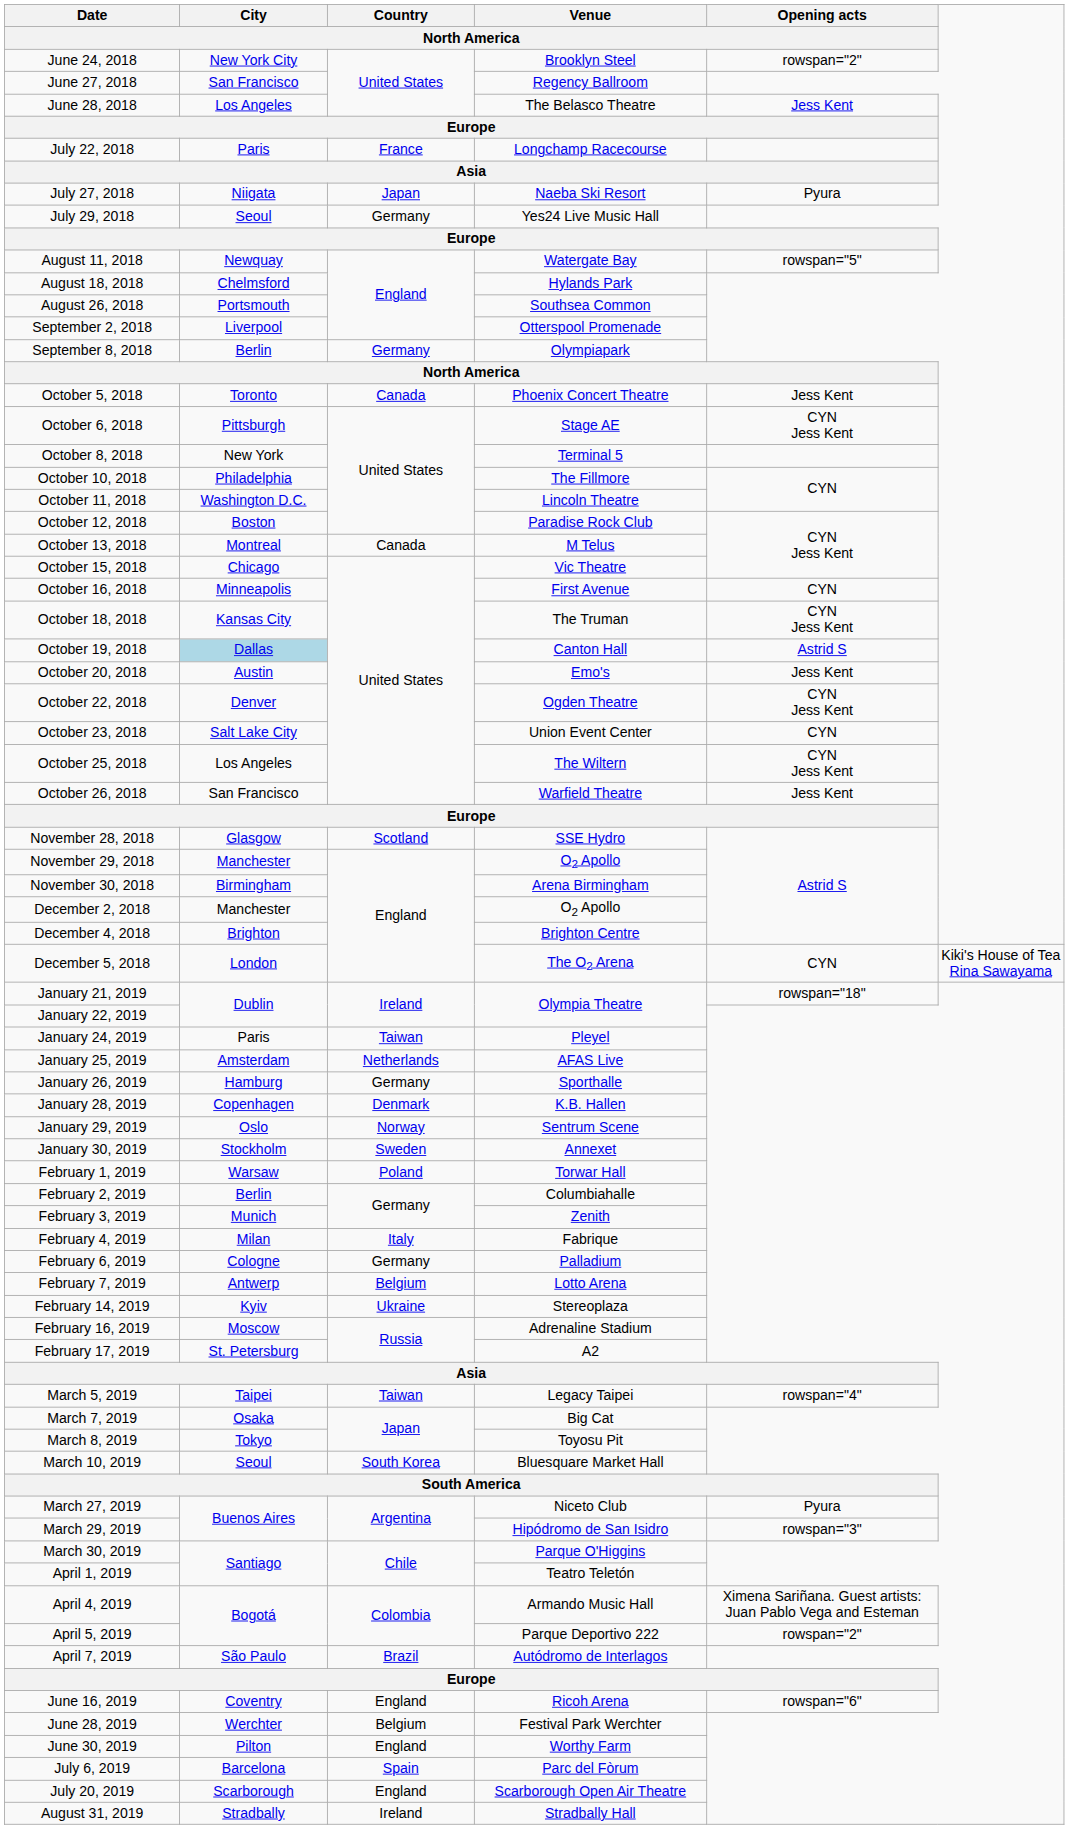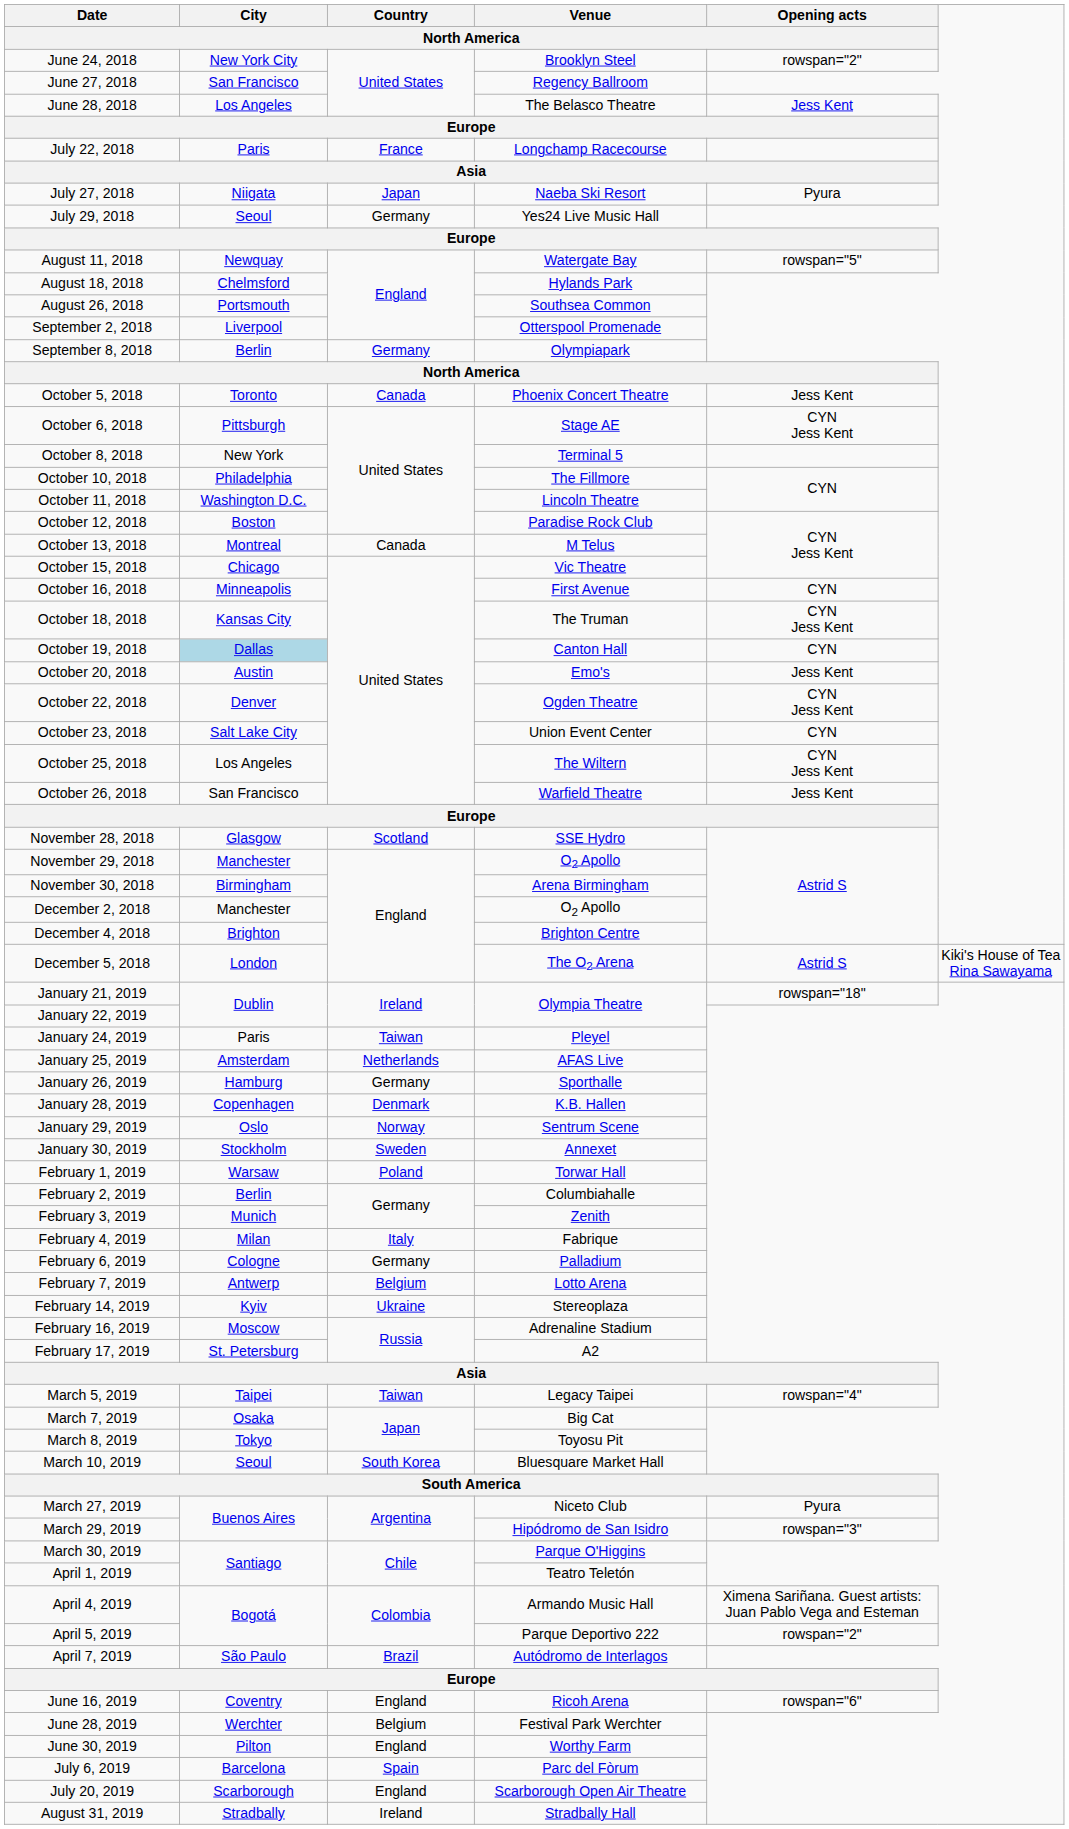 <table class="wikitable plainrowheaders" style="text-align:center;">
 <tr>
 <th scope="col" style="width:12em;">Date</th>
 <th scope="col" style="width:10em;">City</th>
 <th scope="col" style="width:10em;">Country</th>
 <th scope="col" style="width:16em;">Venue</th>
 <th scope="col" style="width:16em;">Opening acts</th>
 </tr>
 <tr>
 <th colspan="5">North America</th>
 </tr>
 <tr>
 <td style="text-align:center;" scope="row">June 24, 2018</td>
 <td><a href='#'>New York City</a></td>
 <td rowspan="3"><a href='#'>United States</a></td>
 <td><a href='#'>Brooklyn Steel</a></td>
 <td>rowspan="2" </td>
 </tr>
 <tr>
 <td style="text-align:center;" scope="row">June 27, 2018</td>
 <td><a href='#'>San Francisco</a></td>
 <td><a href='#'>Regency Ballroom</a></td>
 </tr>
 <tr>
 <td style="text-align:center;" scope="row">June 28, 2018</td>
 <td><a href='#'>Los Angeles</a></td>
 <td>The Belasco Theatre</td>
 <td><a href='#'>Jess Kent</a></td>
 </tr>
 <tr>
 <th colspan="5">Europe</th>
 </tr>
 <tr>
 <td style="text-align:center;" scope="row">July 22, 2018</td>
 <td><a href='#'>Paris</a></td>
 <td><a href='#'>France</a></td>
 <td><a href='#'>Longchamp Racecourse</a></td>
 <td></td>
 </tr>
 <tr>
 <th colspan="5">Asia</th>
 </tr>
 <tr>
 <td style="text-align:center;" scope="row">July 27, 2018</td>
 <td><a href='#'>Niigata</a></td>
 <td><a href='#'>Japan</a></td>
 <td><a href='#'>Naeba Ski Resort</a></td>
 <td>Pyura</td>
 </tr>
 <tr>
 <td style="text-align:center;" scope="row">July 29, 2018</td>
 <td><a href='#'>Seoul</a></td>
 <td>Germany</td>
 <td>Yes24 Live Music Hall</td>
 </tr>
 <tr>
 <th colspan="5">Europe</th>
 </tr>
 <tr>
 <td style="text-align:center;" scope="row">August 11, 2018</td>
 <td><a href='#'>Newquay</a></td>
 <td rowspan="4"><a href='#'>England</a></td>
 <td><a href='#'>Watergate Bay</a></td>
 <td>rowspan="5" </td>
 </tr>
 <tr>
 <td style="text-align:center;" scope="row">August 18, 2018</td>
 <td><a href='#'>Chelmsford</a></td>
 <td><a href='#'>Hylands Park</a></td>
 </tr>
 <tr>
 <td style="text-align:center;" scope="row">August 26, 2018</td>
 <td><a href='#'>Portsmouth</a></td>
 <td><a href='#'>Southsea Common</a></td>
 </tr>
 <tr>
 <td style="text-align:center;" scope="row">September 2, 2018</td>
 <td><a href='#'>Liverpool</a></td>
 <td><a href='#'>Otterspool Promenade</a></td>
 </tr>
 <tr>
 <td style="text-align:center;" scope="row">September 8, 2018</td>
 <td><a href='#'>Berlin</a></td>
 <td><a href='#'>Germany</a></td>
 <td><a href='#'>Olympiapark</a></td>
 </tr>
 <tr>
 <th colspan="5">North America</th>
 </tr>
 <tr>
 <td style="text-align:center;" scope="row">October 5, 2018</td>
 <td><a href='#'>Toronto</a></td>
 <td><a href='#'>Canada</a></td>
 <td><a href='#'>Phoenix Concert Theatre</a></td>
 <td>Jess Kent</td>
 </tr>
 <tr>
 <td style="text-align:center;" scope="row">October 6, 2018</td>
 <td><a href='#'>Pittsburgh</a></td>
 <td rowspan="5">United States</td>
 <td><a href='#'>Stage AE</a></td>
 <td>CYN<br>Jess Kent</td>
 </tr>
 <tr>
 <td style="text-align:center;" scope="row">October 8, 2018</td>
 <td>New York</td>
 <td><a href='#'>Terminal 5</a></td>
 <td></td>
 </tr>
 <tr>
 <td style="text-align:center;" scope="row">October 10, 2018</td>
 <td><a href='#'>Philadelphia</a></td>
 <td><a href='#'>The Fillmore</a></td>
 <td rowspan="2">CYN</td>
 </tr>
 <tr>
 <td style="text-align:center;" scope="row">October 11, 2018</td>
 <td><a href='#'>Washington D.C.</a></td>
 <td><a href='#'>Lincoln Theatre</a></td>
 </tr>
 <tr>
 <td style="text-align:center;" scope="row">October 12, 2018</td>
 <td><a href='#'>Boston</a></td>
 <td><a href='#'>Paradise Rock Club</a></td>
 <td rowspan="3">CYN<br>Jess Kent</td>
 </tr>
 <tr>
 <td style="text-align:center;" scope="row">October 13, 2018</td>
 <td><a href='#'>Montreal</a></td>
 <td>Canada</td>
 <td><a href='#'>M Telus</a></td>
 </tr>
 <tr>
 <td style="text-align:center;" scope="row">October 15, 2018</td>
 <td><a href='#'>Chicago</a></td>
 <td rowspan="9">United States</td>
 <td><a href='#'>Vic Theatre</a></td>
 </tr>
 <tr>
 <td style="text-align:center;" scope="row">October 16, 2018</td>
 <td><a href='#'>Minneapolis</a></td>
 <td><a href='#'>First Avenue</a></td>
 <td>CYN</td>
 </tr>
 <tr>
 <td style="text-align:center;" scope="row">October 18, 2018</td>
 <td><a href='#'>Kansas City</a></td>
 <td>The Truman</td>
 <td>CYN<br>Jess Kent</td>
 </tr>
 <tr>
 <td style="text-align:center;" scope="row">October 19, 2018</td>
 <td style="background: lightblue;"><a href='#'>Dallas</a></td>
 <td><a href='#'>Canton Hall</a></td>
-<td><a href='#'>Astrid S</a></td>
+<td>CYN</td>
 </tr>
 <tr>
 <td style="text-align:center;" scope="row">October 20, 2018</td>
 <td><a href='#'>Austin</a></td>
 <td><a href='#'>Emo's</a></td>
 <td>Jess Kent</td>
 </tr>
 <tr>
 <td style="text-align:center;" scope="row">October 22, 2018</td>
 <td><a href='#'>Denver</a></td>
 <td><a href='#'>Ogden Theatre</a></td>
 <td>CYN<br>Jess Kent</td>
 </tr>
 <tr>
 <td style="text-align:center;" scope="row">October 23, 2018</td>
 <td><a href='#'>Salt Lake City</a></td>
 <td>Union Event Center</td>
 <td>CYN</td>
 </tr>
 <tr>
 <td style="text-align:center;" scope="row">October 25, 2018</td>
 <td>Los Angeles</td>
 <td><a href='#'>The Wiltern</a></td>
 <td>CYN<br>Jess Kent</td>
 </tr>
 <tr>
 <td style="text-align:center;" scope="row">October 26, 2018</td>
 <td>San Francisco</td>
 <td><a href='#'>Warfield Theatre</a></td>
 <td>Jess Kent</td>
 </tr>
 <tr>
 <th colspan="5">Europe</th>
 </tr>
 <tr>
 <td style="text-align:center;" scope="row">November 28, 2018</td>
 <td><a href='#'>Glasgow</a></td>
 <td><a href='#'>Scotland</a></td>
 <td><a href='#'>SSE Hydro</a></td>
 <td rowspan="5"><a href='#'>Astrid S</a></td>
 </tr>
 <tr>
 <td style="text-align:center;" scope="row">November 29, 2018</td>
 <td><a href='#'>Manchester</a></td>
 <td rowspan="5">England</td>
 <td><a href='#'>O<sub>2</sub> Apollo</a></td>
 </tr>
 <tr>
 <td style="text-align:center;" scope="row">November 30, 2018</td>
 <td><a href='#'>Birmingham</a></td>
 <td><a href='#'>Arena Birmingham</a></td>
 </tr>
 <tr>
 <td style="text-align:center;" scope="row">December 2, 2018</td>
 <td>Manchester</td>
 <td>O<sub>2</sub> Apollo</td>
 </tr>
 <tr>
 <td style="text-align:center;" scope="row">December 4, 2018</td>
 <td><a href='#'>Brighton</a></td>
 <td><a href='#'>Brighton Centre</a></td>
 </tr>
 <tr>
 <td style="text-align:center;" scope="row">December 5, 2018</td>
 <td><a href='#'>London</a></td>
 <td><a href='#'>The O<sub>2</sub> Arena</a></td>
-<td>CYN</td>
+<td><a href='#'>Astrid S</a></td>
 <td>Kiki's House of Tea<br><a href='#'>Rina Sawayama</a></td>
 </tr>
 <tr>
 <td style="text-align:center;" scope="row">January 21, 2019</td>
 <td rowspan="2"><a href='#'>Dublin</a></td>
 <td rowspan="2"><a href='#'>Ireland</a></td>
 <td rowspan="2"><a href='#'>Olympia Theatre</a></td>
 <td>rowspan="18" </td>
 </tr>
 <tr>
 <td style="text-align:center;" scope="row">January 22, 2019</td>
 </tr>
 <tr>
 <td style="text-align:center;" scope="row">January 24, 2019</td>
 <td>Paris</td>
 <td><a href='#'>Taiwan</a></td>
 <td><a href='#'>Pleyel</a></td>
 </tr>
 <tr>
 <td style="text-align:center;" scope="row">January 25, 2019</td>
 <td><a href='#'>Amsterdam</a></td>
 <td><a href='#'>Netherlands</a></td>
 <td><a href='#'>AFAS Live</a></td>
 </tr>
 <tr>
 <td style="text-align:center;" scope="row">January 26, 2019</td>
 <td><a href='#'>Hamburg</a></td>
 <td>Germany</td>
 <td><a href='#'>Sporthalle</a></td>
 </tr>
 <tr>
 <td style="text-align:center;" scope="row">January 28, 2019</td>
 <td><a href='#'>Copenhagen</a></td>
 <td><a href='#'>Denmark</a></td>
 <td><a href='#'>K.B. Hallen</a></td>
 </tr>
 <tr>
 <td style="text-align:center;" scope="row">January 29, 2019</td>
 <td><a href='#'>Oslo</a></td>
 <td><a href='#'>Norway</a></td>
 <td><a href='#'>Sentrum Scene</a></td>
 </tr>
 <tr>
 <td style="text-align:center;" scope="row">January 30, 2019</td>
 <td><a href='#'>Stockholm</a></td>
 <td><a href='#'>Sweden</a></td>
 <td><a href='#'>Annexet</a></td>
 </tr>
 <tr>
 <td style="text-align:center;" scope="row">February 1, 2019</td>
 <td><a href='#'>Warsaw</a></td>
 <td><a href='#'>Poland</a></td>
 <td><a href='#'>Torwar Hall</a></td>
 </tr>
 <tr>
 <td>February 2, 2019</td>
 <td><a href='#'>Berlin</a></td>
 <td rowspan="2">Germany</td>
 <td>Columbiahalle</td>
 </tr>
 <tr>
 <td style="text-align:center;" scope="row">February 3, 2019</td>
 <td><a href='#'>Munich</a></td>
 <td><a href='#'>Zenith</a></td>
 </tr>
 <tr>
 <td style="text-align:center;" scope="row">February 4, 2019</td>
 <td><a href='#'>Milan</a></td>
 <td><a href='#'>Italy</a></td>
 <td>Fabrique</td>
 </tr>
 <tr>
 <td style="text-align:center;" scope="row">February 6, 2019</td>
 <td><a href='#'>Cologne</a></td>
 <td>Germany</td>
 <td><a href='#'>Palladium</a></td>
 </tr>
 <tr>
 <td style="text-align:center;" scope="row">February 7, 2019</td>
 <td><a href='#'>Antwerp</a></td>
 <td><a href='#'>Belgium</a></td>
 <td><a href='#'>Lotto Arena</a></td>
 </tr>
 <tr>
 <td style="text-align:center;" scope="row">February 14, 2019</td>
 <td><a href='#'>Kyiv</a></td>
 <td><a href='#'>Ukraine</a></td>
 <td>Stereoplaza</td>
 </tr>
 <tr>
 <td style="text-align:center;" scope="row">February 16, 2019</td>
 <td><a href='#'>Moscow</a></td>
 <td rowspan="2"><a href='#'>Russia</a></td>
 <td>Adrenaline Stadium</td>
 </tr>
 <tr>
 <td style="text-align:center;" scope="row">February 17, 2019</td>
 <td><a href='#'>St. Petersburg</a></td>
 <td>A2</td>
 </tr>
 <tr>
 <th colspan="5">Asia</th>
 </tr>
 <tr>
 <td style="text-align:center;" scope="row">March 5, 2019</td>
 <td><a href='#'>Taipei</a></td>
 <td><a href='#'>Taiwan</a></td>
 <td>Legacy Taipei</td>
 <td>rowspan="4" </td>
 </tr>
 <tr>
 <td style="text-align:center;" scope="row">March 7, 2019</td>
 <td><a href='#'>Osaka</a></td>
 <td rowspan="2"><a href='#'>Japan</a></td>
 <td>Big Cat</td>
 </tr>
 <tr>
 <td style="text-align:center;" scope="row">March 8, 2019</td>
 <td><a href='#'>Tokyo</a></td>
 <td>Toyosu Pit</td>
 </tr>
 <tr>
 <td style="text-align:center;" scope="row">March 10, 2019</td>
 <td><a href='#'>Seoul</a></td>
 <td><a href='#'>South Korea</a></td>
 <td>Bluesquare Market Hall</td>
 </tr>
 <tr>
 <th colspan="5">South America</th>
 </tr>
 <tr>
 <td>March 27, 2019</td>
 <td rowspan="2"><a href='#'>Buenos Aires</a></td>
 <td rowspan="2"><a href='#'>Argentina</a></td>
 <td>Niceto Club</td>
 <td>Pyura</td>
 </tr>
 <tr>
 <td>March 29, 2019</td>
 <td><a href='#'>Hipódromo de San Isidro</a></td>
 <td>rowspan="3" </td>
 </tr>
 <tr>
 <td>March 30, 2019</td>
 <td rowspan="2"><a href='#'>Santiago</a></td>
 <td rowspan="2"><a href='#'>Chile</a></td>
 <td><a href='#'>Parque O'Higgins</a></td>
 </tr>
 <tr>
 <td style="text-align:center;" scope="row">April 1, 2019</td>
 <td>Teatro Teletón</td>
 </tr>
 <tr>
 <td>April 4, 2019</td>
 <td rowspan="2"><a href='#'>Bogotá</a></td>
 <td rowspan="2"><a href='#'>Colombia</a></td>
 <td>Armando Music Hall</td>
 <td>Ximena Sariñana. Guest artists: Juan Pablo Vega and Esteman</td>
 </tr>
 <tr>
 <td>April 5, 2019</td>
 <td>Parque Deportivo 222</td>
 <td>rowspan="2" </td>
 </tr>
 <tr>
 <td>April 7, 2019</td>
 <td><a href='#'>São Paulo</a></td>
 <td><a href='#'>Brazil</a></td>
 <td><a href='#'>Autódromo de Interlagos</a></td>
 </tr>
 <tr>
 <th colspan="5">Europe</th>
 </tr>
 <tr>
 <td>June 16, 2019</td>
 <td><a href='#'>Coventry</a></td>
 <td>England</td>
 <td><a href='#'>Ricoh Arena</a></td>
 <td>rowspan="6" </td>
 </tr>
 <tr>
 <td>June 28, 2019</td>
 <td><a href='#'>Werchter</a></td>
 <td>Belgium</td>
 <td>Festival Park Werchter</td>
 </tr>
 <tr>
 <td>June 30, 2019</td>
 <td><a href='#'>Pilton</a></td>
 <td rowspan="1">England</td>
 <td><a href='#'>Worthy Farm</a></td>
 </tr>
 <tr>
 <td>July 6, 2019</td>
 <td><a href='#'>Barcelona</a></td>
 <td><a href='#'>Spain</a></td>
 <td><a href='#'>Parc del Fòrum</a></td>
 </tr>
 <tr>
 <td>July 20, 2019</td>
 <td><a href='#'>Scarborough</a></td>
 <td>England</td>
 <td><a href='#'>Scarborough Open Air Theatre</a></td>
 </tr>
 <tr>
 <td>August 31, 2019</td>
 <td><a href='#'>Stradbally</a></td>
 <td>Ireland</td>
 <td><a href='#'>Stradbally Hall</a></td>
 </tr>
 </table>
